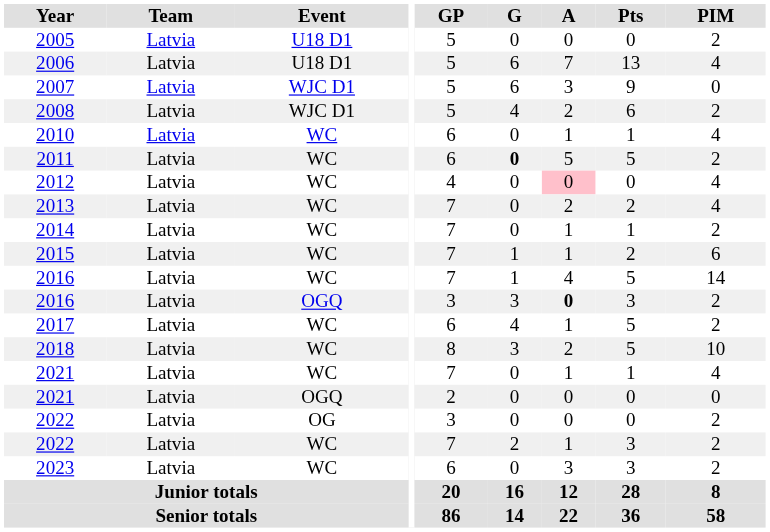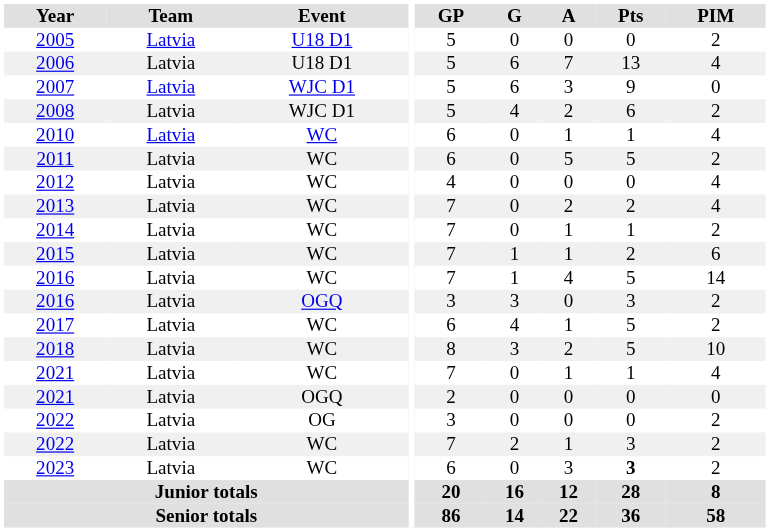 <table border="0" cellpadding="1" cellspacing="0" ID="Table3" style="text-align:center; width:40em">
 <tr ALIGN="center" bgcolor="#e0e0e0">
 <th>Year</th>
 <th>Team</th>
 <th>Event</th>
 <th rowspan="102" bgcolor="#ffffff"></th>
 <th>GP</th>
 <th>G</th>
 <th>A</th>
 <th>Pts</th>
 <th>PIM</th>
 </tr>
 <tr>
 <td><a href='#'>2005</a></td>
 <td><a href='#'>Latvia</a></td>
 <td><a href='#'>U18 D1</a></td>
 <td>5</td>
 <td>0</td>
 <td>0</td>
 <td>0</td>
 <td>2</td>
 </tr>
 <tr bgcolor="#f0f0f0">
 <td><a href='#'>2006</a></td>
 <td>Latvia</td>
 <td>U18 D1</td>
 <td>5</td>
 <td>6</td>
 <td>7</td>
 <td>13</td>
 <td>4</td>
 </tr>
 <tr>
 <td><a href='#'>2007</a></td>
 <td><a href='#'>Latvia</a></td>
 <td><a href='#'>WJC D1</a></td>
 <td>5</td>
 <td>6</td>
 <td>3</td>
 <td>9</td>
 <td>0</td>
 </tr>
 <tr bgcolor="#f0f0f0">
 <td><a href='#'>2008</a></td>
 <td>Latvia</td>
 <td>WJC D1</td>
 <td>5</td>
 <td>4</td>
 <td>2</td>
 <td>6</td>
 <td>2</td>
 </tr>
 <tr>
 <td><a href='#'>2010</a></td>
 <td><a href='#'>Latvia</a></td>
 <td><a href='#'>WC</a></td>
 <td>6</td>
 <td>0</td>
 <td>1</td>
 <td>1</td>
 <td>4</td>
 </tr>
 <tr bgcolor="#f0f0f0">
 <td><a href='#'>2011</a></td>
 <td>Latvia</td>
 <td>WC</td>
 <td>6</td>
-<td><strong>0</strong></td>
+<td>0</td>
 <td>5</td>
 <td>5</td>
 <td>2</td>
 </tr>
 <tr>
 <td><a href='#'>2012</a></td>
 <td>Latvia</td>
 <td>WC</td>
 <td>4</td>
 <td>0</td>
-<td style="background: pink;">0</td>
+<td>0</td>
 <td>0</td>
 <td>4</td>
 </tr>
 <tr bgcolor="#f0f0f0">
 <td><a href='#'>2013</a></td>
 <td>Latvia</td>
 <td>WC</td>
 <td>7</td>
 <td>0</td>
 <td>2</td>
 <td>2</td>
 <td>4</td>
 </tr>
 <tr>
 <td><a href='#'>2014</a></td>
 <td>Latvia</td>
 <td>WC</td>
 <td>7</td>
 <td>0</td>
 <td>1</td>
 <td>1</td>
 <td>2</td>
 </tr>
 <tr bgcolor="#f0f0f0">
 <td><a href='#'>2015</a></td>
 <td>Latvia</td>
 <td>WC</td>
 <td>7</td>
 <td>1</td>
 <td>1</td>
 <td>2</td>
 <td>6</td>
 </tr>
 <tr>
 <td><a href='#'>2016</a></td>
 <td>Latvia</td>
 <td>WC</td>
 <td>7</td>
 <td>1</td>
 <td>4</td>
 <td>5</td>
 <td>14</td>
 </tr>
 <tr bgcolor="#f0f0f0">
 <td><a href='#'>2016</a></td>
 <td>Latvia</td>
 <td><a href='#'>OGQ</a></td>
 <td>3</td>
 <td>3</td>
-<td><strong>0</strong></td>
+<td>0</td>
 <td>3</td>
 <td>2</td>
 </tr>
 <tr>
 <td><a href='#'>2017</a></td>
 <td>Latvia</td>
 <td>WC</td>
 <td>6</td>
 <td>4</td>
 <td>1</td>
 <td>5</td>
 <td>2</td>
 </tr>
 <tr bgcolor="#f0f0f0">
 <td><a href='#'>2018</a></td>
 <td>Latvia</td>
 <td>WC</td>
 <td>8</td>
 <td>3</td>
 <td>2</td>
 <td>5</td>
 <td>10</td>
 </tr>
 <tr>
 <td><a href='#'>2021</a></td>
 <td>Latvia</td>
 <td>WC</td>
 <td>7</td>
 <td>0</td>
 <td>1</td>
 <td>1</td>
 <td>4</td>
 </tr>
 <tr bgcolor="#f0f0f0">
 <td><a href='#'>2021</a></td>
 <td>Latvia</td>
 <td>OGQ</td>
 <td>2</td>
 <td>0</td>
 <td>0</td>
 <td>0</td>
 <td>0</td>
 </tr>
 <tr>
 <td><a href='#'>2022</a></td>
 <td>Latvia</td>
 <td>OG</td>
 <td>3</td>
 <td>0</td>
 <td>0</td>
 <td>0</td>
 <td>2</td>
 </tr>
 <tr bgcolor="#f0f0f0">
 <td><a href='#'>2022</a></td>
 <td>Latvia</td>
 <td>WC</td>
 <td>7</td>
 <td>2</td>
 <td>1</td>
 <td>3</td>
 <td>2</td>
 </tr>
 <tr>
 <td><a href='#'>2023</a></td>
 <td>Latvia</td>
 <td>WC</td>
 <td>6</td>
 <td>0</td>
 <td>3</td>
-<td>3</td>
+<td><strong>3</strong></td>
 <td>2</td>
 </tr>
 <tr bgcolor="#e0e0e0">
 <th colspan="3">Junior totals</th>
 <th>20</th>
 <th>16</th>
 <th>12</th>
 <th>28</th>
 <th>8</th>
 </tr>
 <tr bgcolor="#e0e0e0">
 <th colspan="3">Senior totals</th>
 <th>86</th>
 <th>14</th>
 <th>22</th>
 <th>36</th>
 <th>58</th>
 </tr>
 </table>
